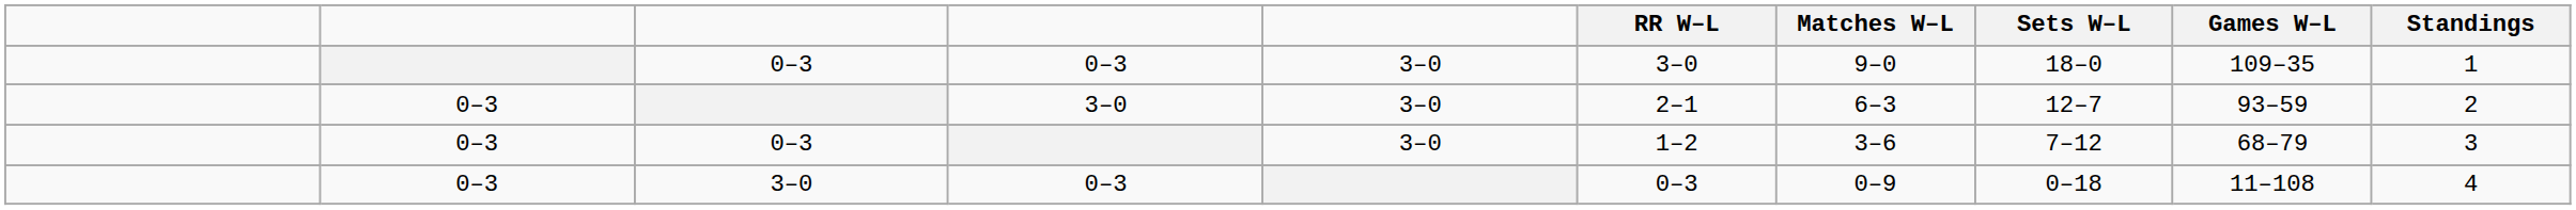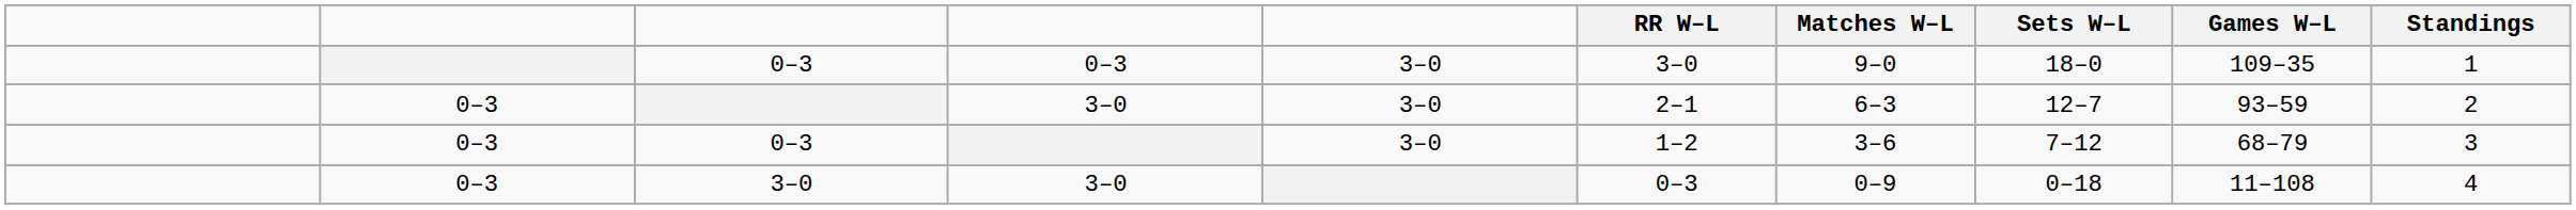 <table class="wikitable" style="width: 100%; text-align:center; font-size:90%">
 <tr>
 <td width=130></td>
 <td width=130></td>
 <td width=130></td>
 <td width=130></td>
 <td width=130></td>
 <th width=80>RR W–L</th>
 <th width=80>Matches W–L</th>
 <th width=80>Sets W–L</th>
 <th width=80>Games W–L</th>
 <th width=80>Standings</th>
 </tr>
 <tr>
 <td style="text-align:left;"></td>
 <th bgcolor="ededed"></th>
 <td>0–3</td>
 <td>0–3</td>
 <td>3–0</td>
 <td>3–0</td>
 <td>9–0</td>
 <td>18–0</td>
 <td>109–35</td>
 <td>1</td>
 </tr>
 <tr>
 <td style="text-align:left;"></td>
 <td>0–3</td>
 <th bgcolor="ededed"></th>
 <td>3–0</td>
 <td>3–0</td>
 <td>2–1</td>
 <td>6–3</td>
 <td>12–7</td>
 <td>93–59</td>
 <td>2</td>
 </tr>
 <tr>
 <td style="text-align:left;"></td>
 <td>0–3</td>
 <td>0–3</td>
 <th bgcolor="ededed"></th>
 <td>3–0</td>
 <td>1–2</td>
 <td>3–6</td>
 <td>7–12</td>
 <td>68–79</td>
 <td>3</td>
 </tr>
 <tr>
 <td style="text-align:left;"></td>
 <td>0–3</td>
 <td>3–0</td>
-<td>0–3</td>
+<td>3–0</td>
 <th bgcolor="ededed"></th>
 <td>0–3</td>
 <td>0–9</td>
 <td>0–18</td>
 <td>11–108</td>
 <td>4</td>
 </tr>
 </table>
